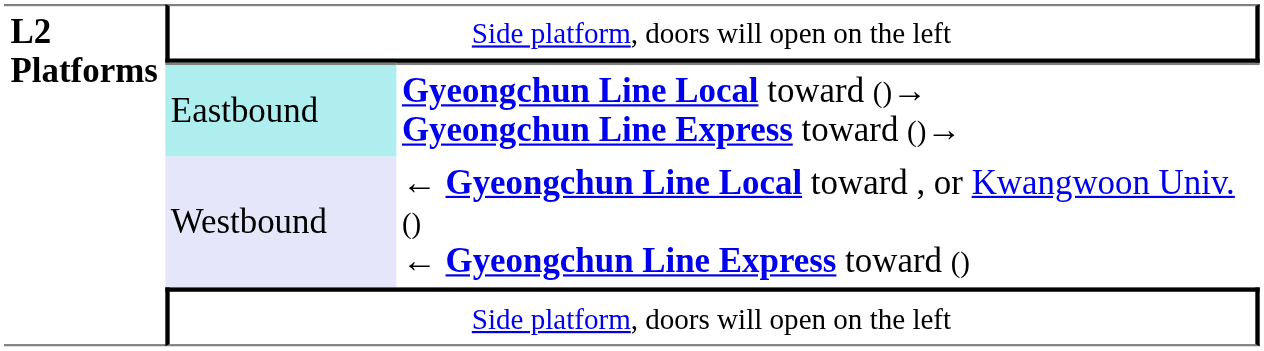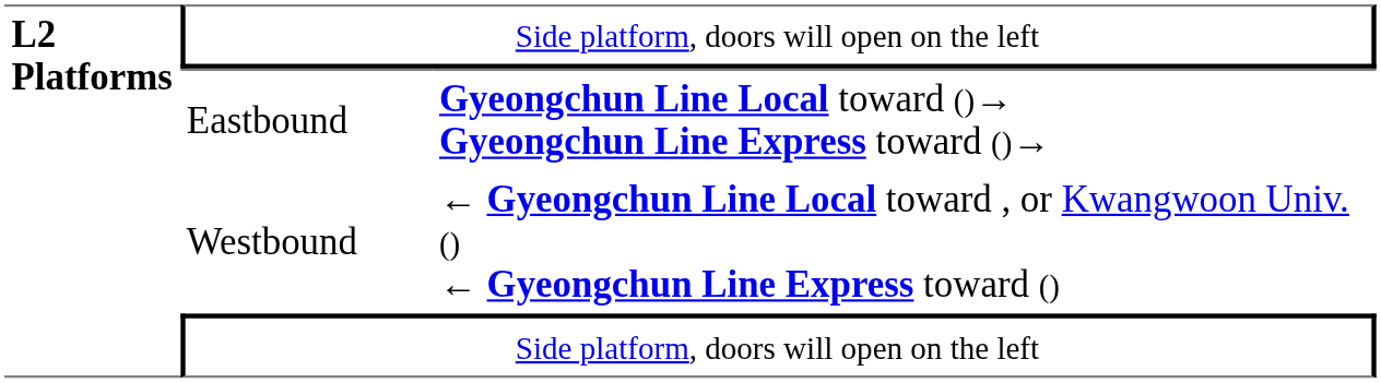 <table table border=0 cellspacing=0 cellpadding=3>
 <tr>
 <td style="border-top:solid 1px gray;border-bottom:solid 1px gray;" width=50 rowspan=10 valign=top><strong>L2<br>Platforms</strong></td>
 <td style="border-top:solid 1px gray;border-right:solid 2px black;border-left:solid 2px black;border-bottom:solid 2px black;text-align:center;" colspan=2><small><a href='#'>Side platform</a>, doors will open on the left</small></td>
 </tr>
 <tr>
-<td style="background: paleturquoise; border-bottom:solid 0px gray;border-top:solid 1px gray;" width=100>Eastbound</td>
+<td style="border-bottom:solid 0px gray;border-top:solid 1px gray;" width=100>Eastbound</td>
 <td style="border-bottom:solid 0px gray;border-top:solid 1px gray;" width=390> <a href='#'><span><strong>Gyeongchun Line Local</strong></span></a> toward  <small>()</small>→<br> <a href='#'><span><strong>Gyeongchun Line Express</strong></span></a> toward  <small>()</small>→</td>
 </tr>
 <tr>
-<td style="background: lavender;">Westbound</td>
+<td>Westbound</td>
 <td>← <a href='#'><span><strong>Gyeongchun Line Local</strong></span></a> toward ,  or <a href='#'>Kwangwoon Univ.</a> <small>()</small><br>← <a href='#'><span><strong>Gyeongchun Line Express</strong></span></a> toward  <small>()</small></td>
 </tr>
 <tr>
 <td style="border-top:solid 2px black;border-right:solid 2px black;border-left:solid 2px black;border-bottom:solid 1px gray;text-align:center;" colspan=2><small><a href='#'>Side platform</a>, doors will open on the left</small></td>
 </tr>
 </table>
